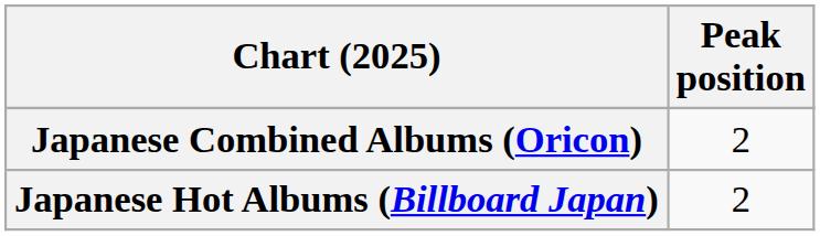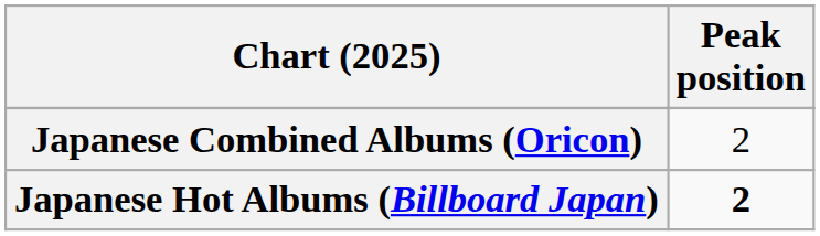 <table class="wikitable sortable plainrowheaders" style="text-align:center">
 <tr>
 <th scope="col">Chart (2025)</th>
 <th scope="col">Peak<br>position</th>
 </tr>
 <tr>
 </tr>
 <tr>
 <th scope="row">Japanese Combined Albums (<a href='#'>Oricon</a>)</th>
 <td>2</td>
 </tr>
 <tr>
 <th scope="row">Japanese Hot Albums (<em><a href='#'>Billboard Japan</a></em>)</th>
-<td>2</td>
+<td><strong>2</strong></td>
 </tr>
 </table>
